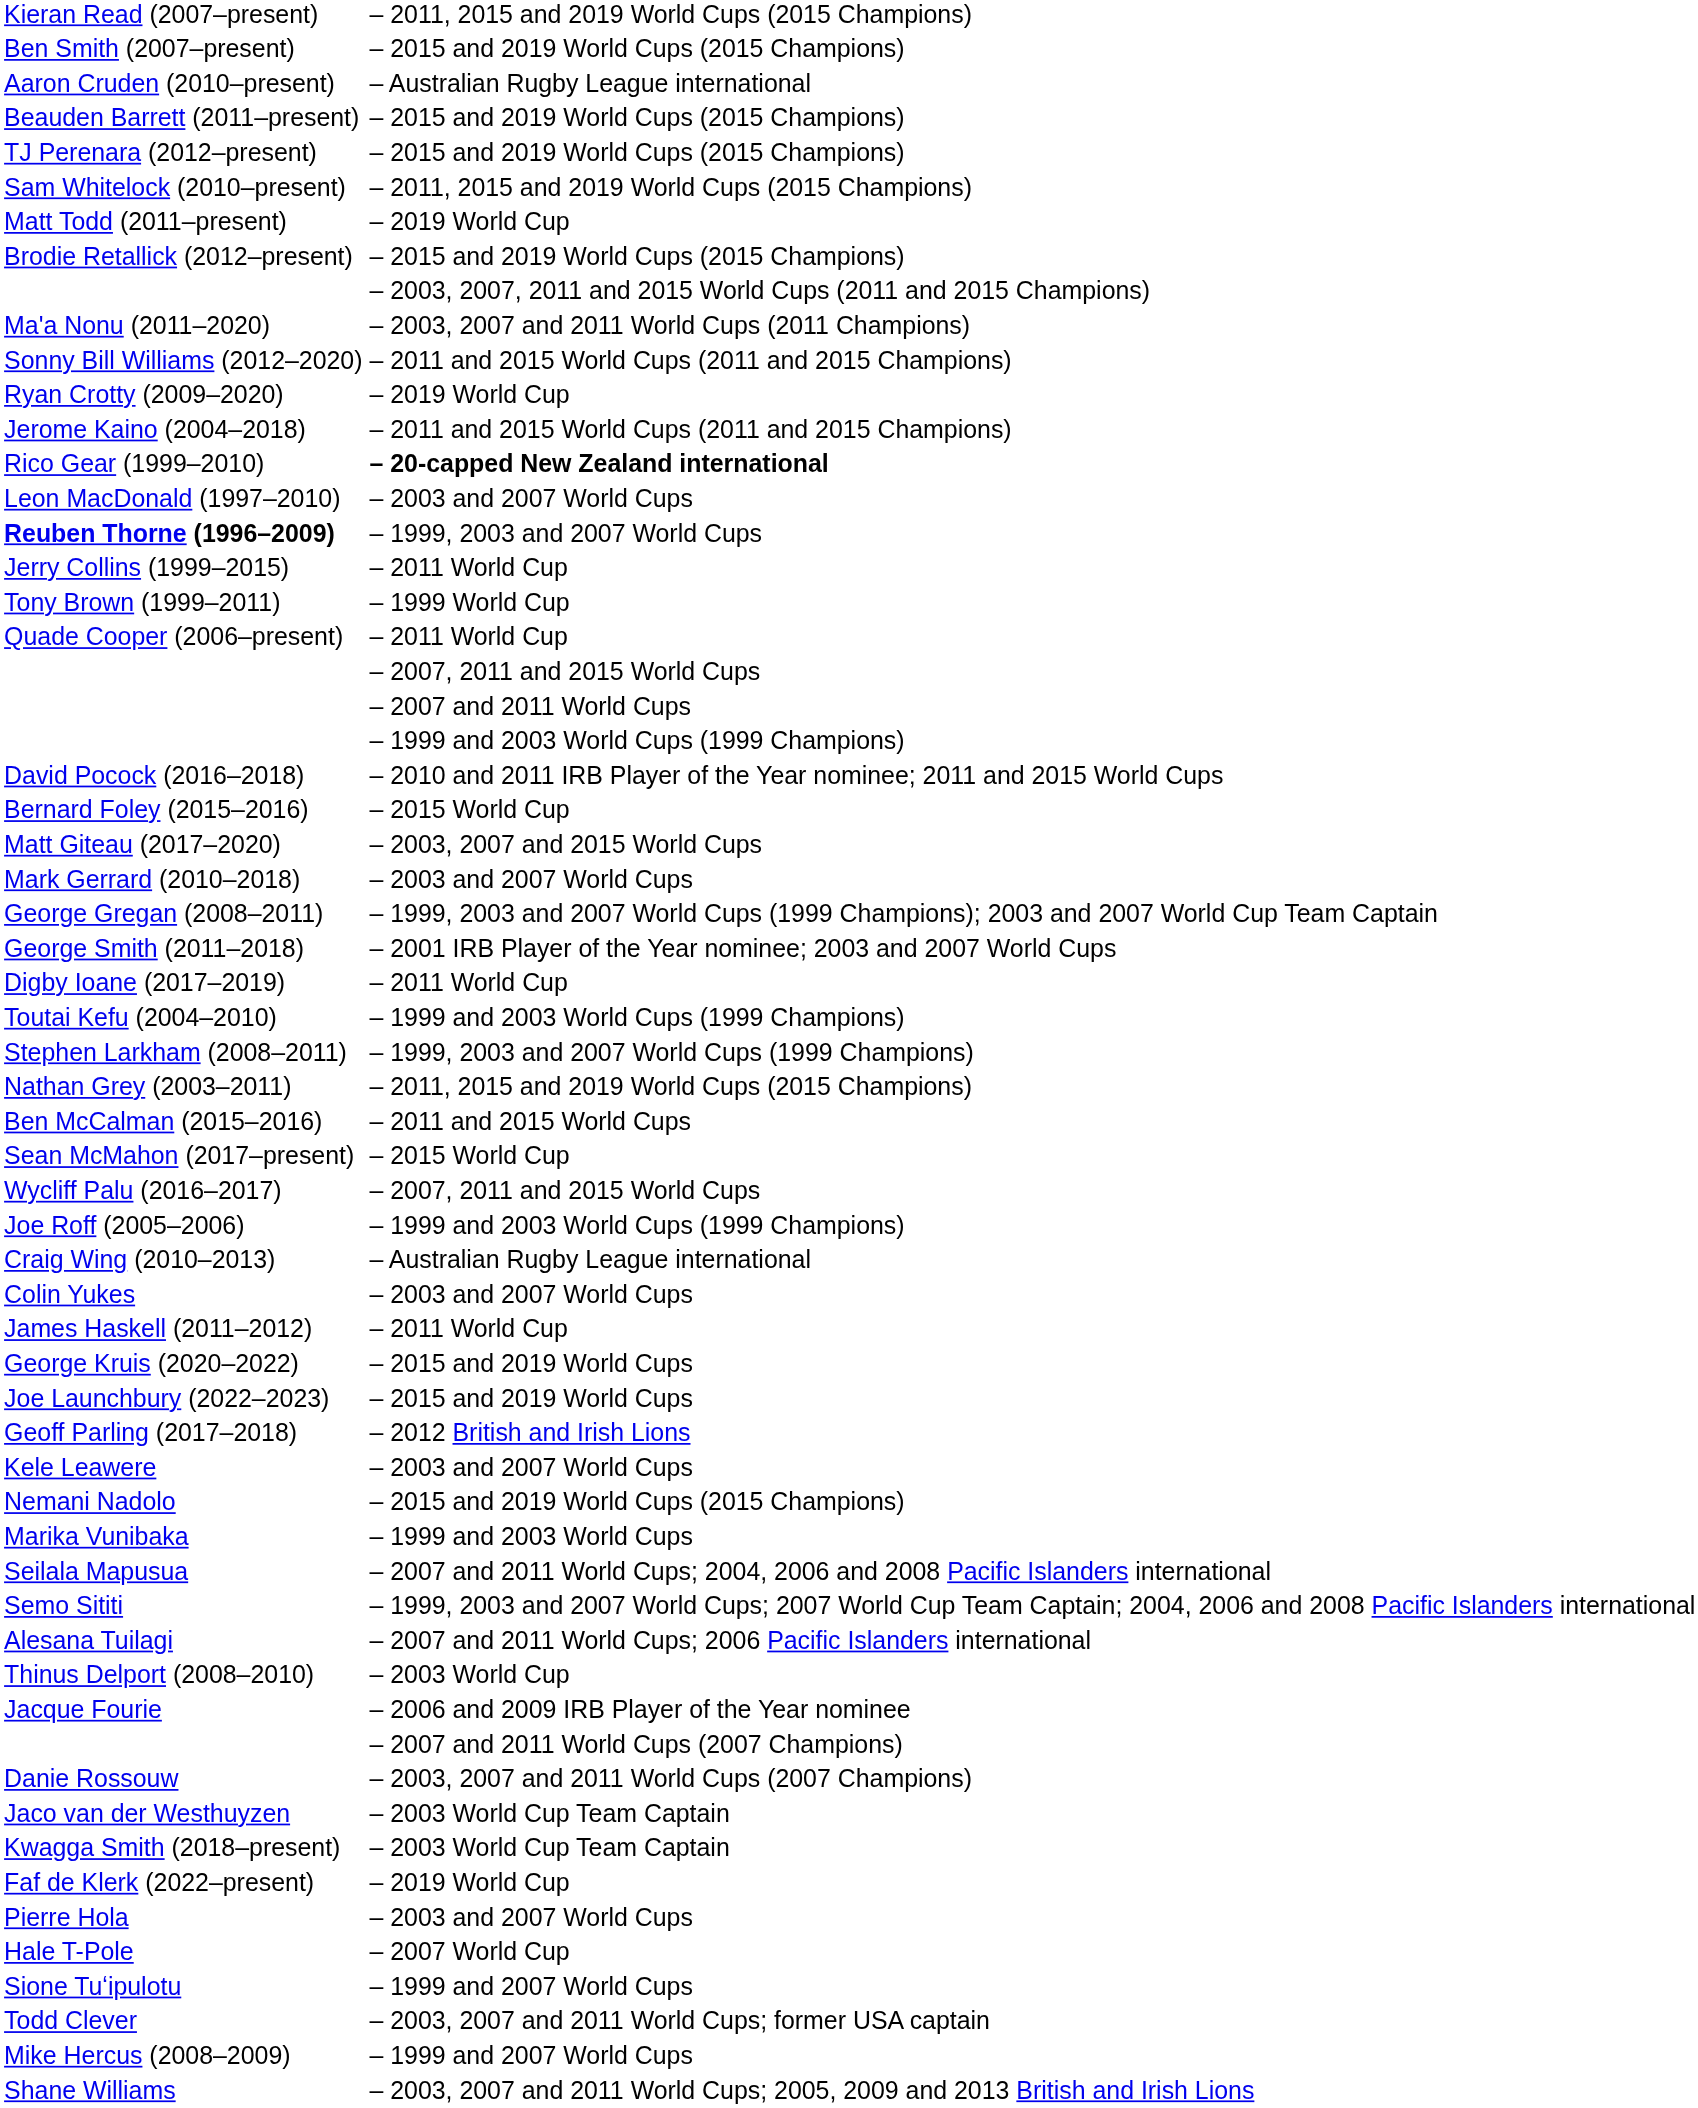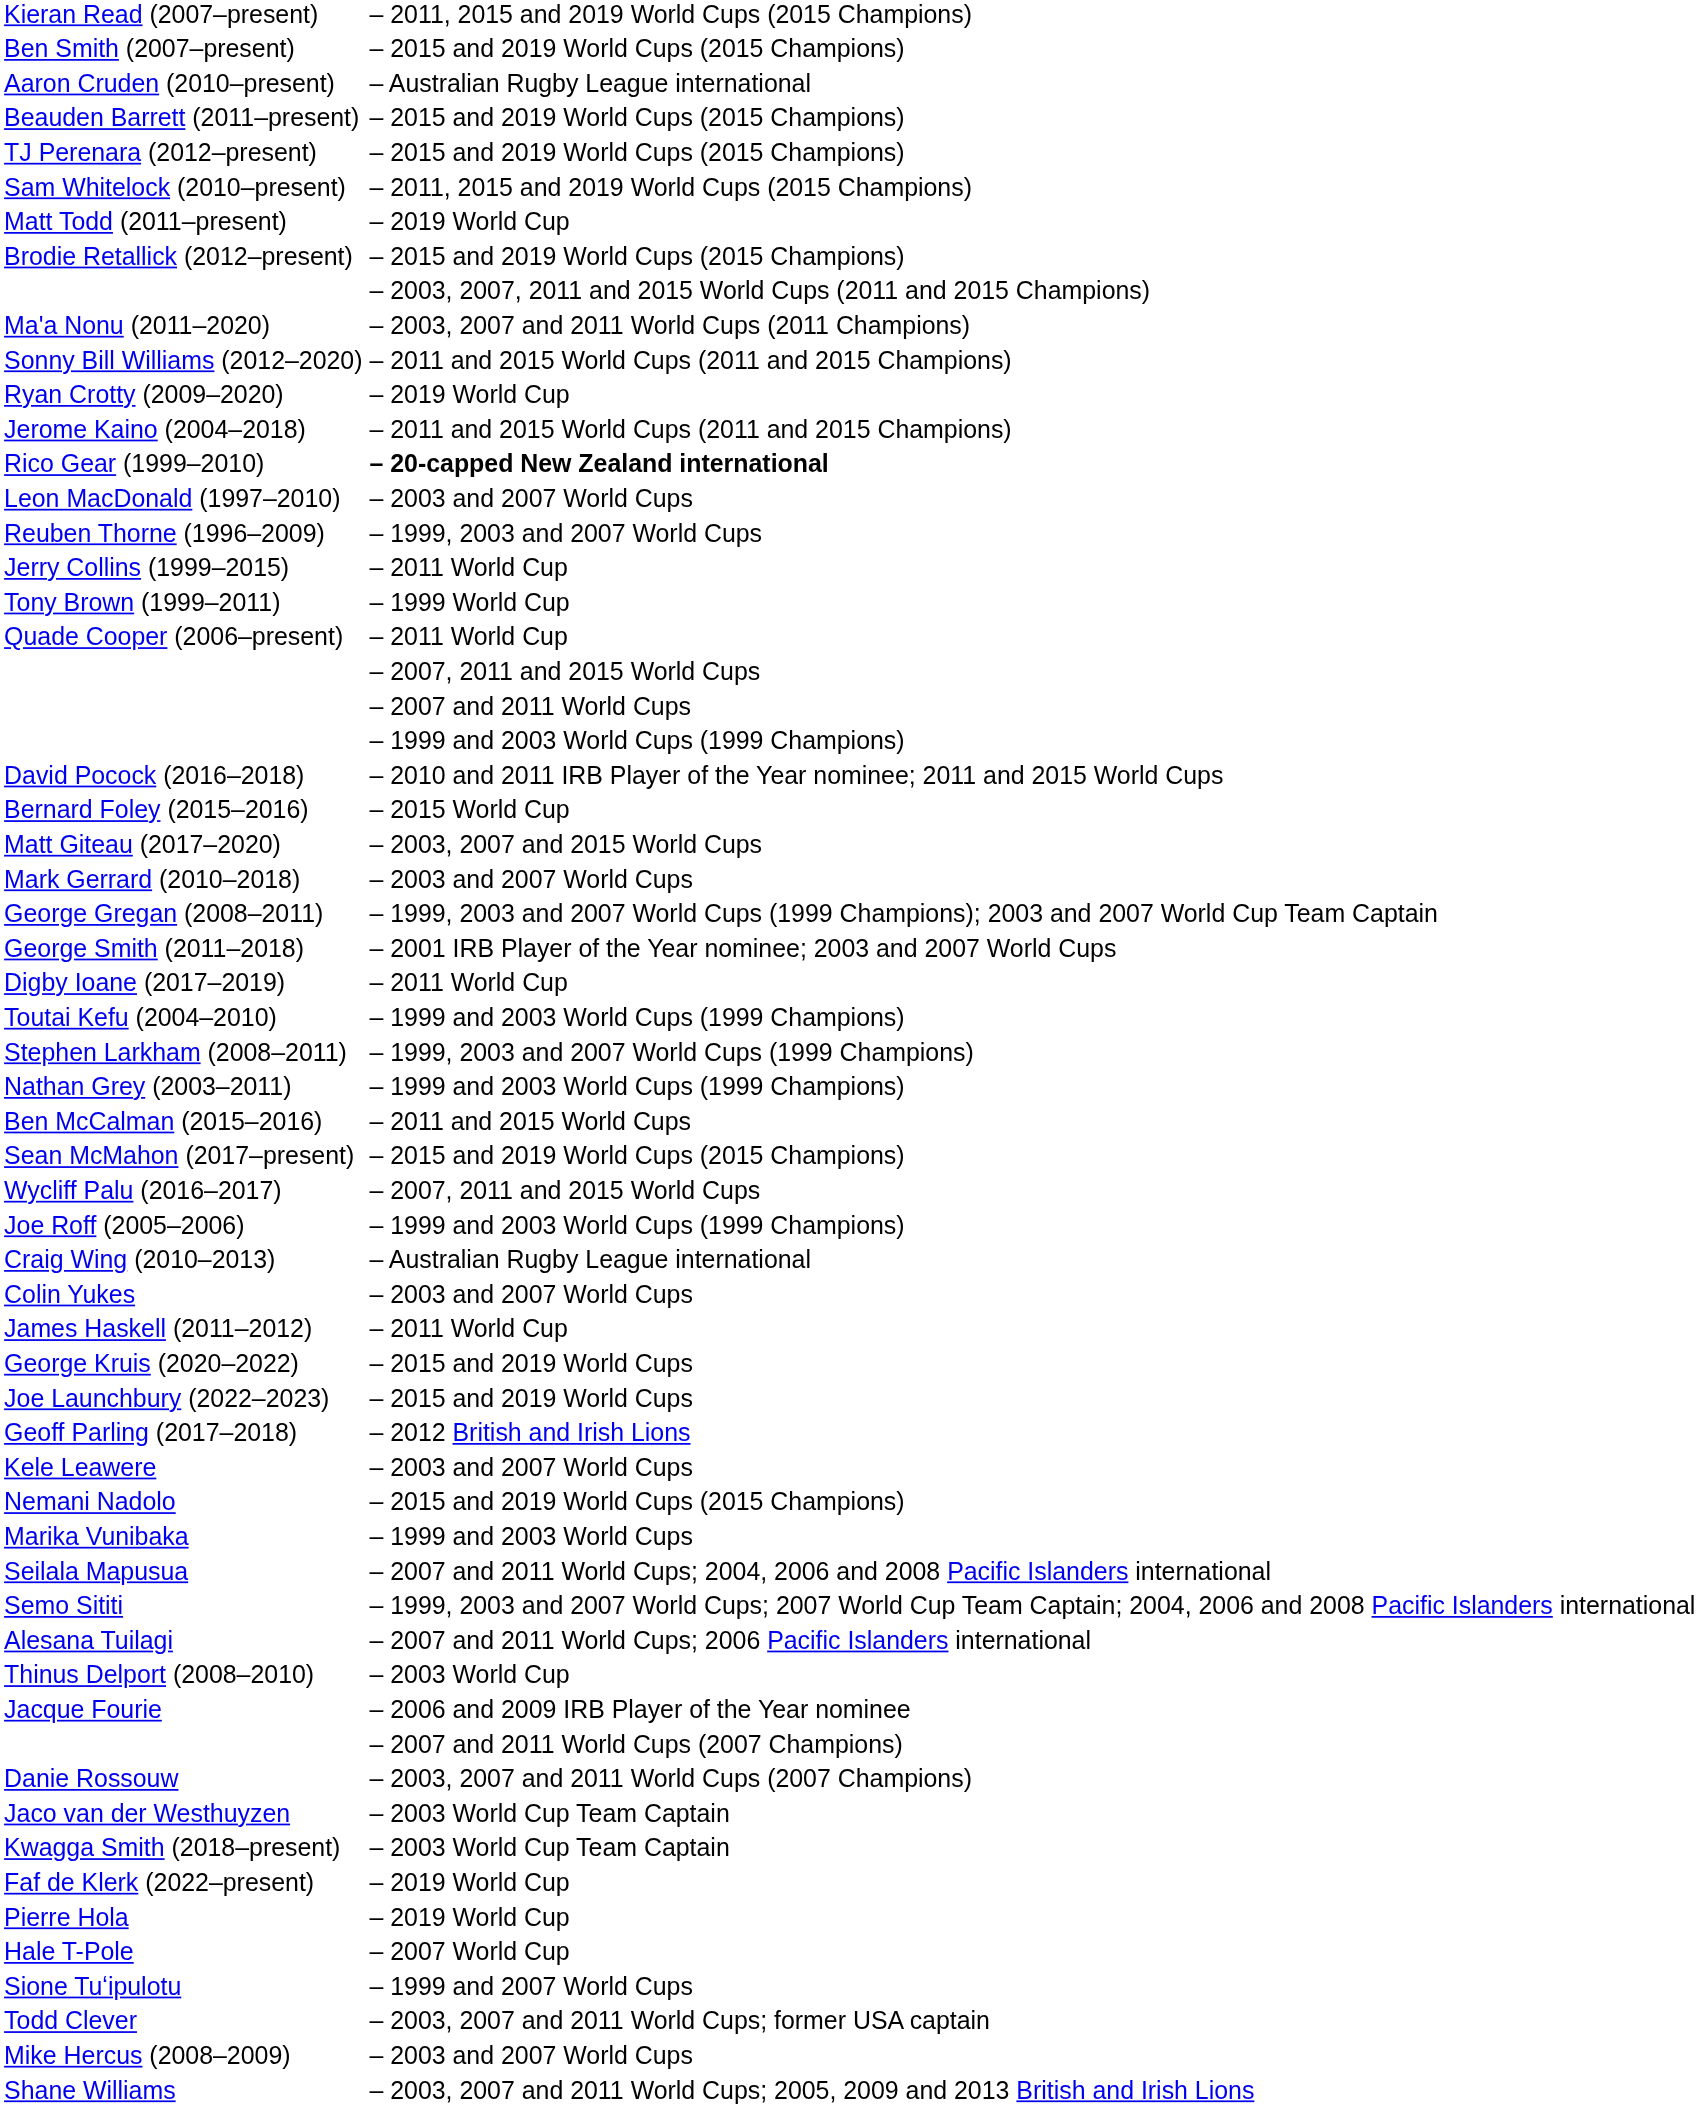 <table style="margin-left:1em; font-size:90%;">
 <tr>
 <td> <a href='#'>Kieran Read</a> (2007–present)</td>
 <td>– 2011, 2015 and 2019 World Cups (2015 Champions)</td>
 </tr>
 <tr>
 <td> <a href='#'>Ben Smith</a> (2007–present)</td>
 <td>– 2015 and 2019 World Cups (2015 Champions)</td>
 </tr>
 <tr>
 <td> <a href='#'>Aaron Cruden</a> (2010–present)</td>
 <td>– Australian Rugby League international</td>
 </tr>
 <tr>
 <td> <a href='#'>Beauden Barrett</a> (2011–present)</td>
 <td>– 2015 and 2019 World Cups (2015 Champions)</td>
 </tr>
 <tr>
 <td> <a href='#'>TJ Perenara</a> (2012–present)</td>
 <td>– 2015 and 2019 World Cups (2015 Champions)</td>
 </tr>
 <tr>
 <td> <a href='#'>Sam Whitelock</a> (2010–present)</td>
 <td>– 2011, 2015 and 2019 World Cups (2015 Champions)</td>
 </tr>
 <tr>
 <td> <a href='#'>Matt Todd</a> (2011–present)</td>
 <td>– 2019 World Cup</td>
 </tr>
 <tr>
 <td> <a href='#'>Brodie Retallick</a> (2012–present)</td>
 <td>– 2015 and 2019 World Cups (2015 Champions)</td>
 </tr>
 <tr>
 <td></td>
 <td>– 2003, 2007, 2011 and 2015 World Cups (2011 and 2015 Champions)</td>
 </tr>
 <tr>
 <td> <a href='#'>Ma'a Nonu</a> (2011–2020)</td>
 <td>– 2003, 2007 and 2011 World Cups (2011 Champions)</td>
 </tr>
 <tr>
 <td> <a href='#'>Sonny Bill Williams</a> (2012–2020)</td>
 <td>– 2011 and 2015 World Cups (2011 and 2015 Champions)</td>
 </tr>
 <tr>
 <td> <a href='#'>Ryan Crotty</a> (2009–2020)</td>
 <td>– 2019 World Cup</td>
 </tr>
 <tr>
 <td> <a href='#'>Jerome Kaino</a> (2004–2018)</td>
 <td>– 2011 and 2015 World Cups (2011 and 2015 Champions)</td>
 </tr>
 <tr>
 <td> <a href='#'>Rico Gear</a> (1999–2010)</td>
 <td><strong>– 20-capped New Zealand international</strong></td>
 </tr>
 <tr>
 <td> <a href='#'>Leon MacDonald</a> (1997–2010)</td>
 <td>– 2003 and 2007 World Cups</td>
 </tr>
 <tr>
-<td><strong> <a href='#'>Reuben Thorne</a> (1996–2009)</strong></td>
+<td> <a href='#'>Reuben Thorne</a> (1996–2009)</td>
 <td>– 1999, 2003 and 2007 World Cups</td>
 </tr>
 <tr>
 <td> <a href='#'>Jerry Collins</a> (1999–2015)</td>
 <td>– 2011 World Cup</td>
 </tr>
 <tr>
 <td> <a href='#'>Tony Brown</a> (1999–2011)</td>
 <td>– 1999 World Cup</td>
 </tr>
 <tr>
 <td {{nowrap> <a href='#'>Quade Cooper</a> (2006–present)</td>
 <td>–  2011 World Cup</td>
 </tr>
 <tr>
 <td></td>
 <td>– 2007, 2011 and 2015 World Cups</td>
 </tr>
 <tr>
 <td></td>
 <td>– 2007 and 2011 World Cups</td>
 </tr>
 <tr>
 <td></td>
 <td>– 1999 and 2003 World Cups (1999 Champions)</td>
 </tr>
 <tr>
 <td> <a href='#'>David Pocock</a> (2016–2018)</td>
 <td>– 2010 and 2011 IRB Player of the Year nominee; 2011 and 2015 World Cups</td>
 </tr>
 <tr>
 <td> <a href='#'>Bernard Foley</a> (2015–2016)</td>
 <td>– 2015 World Cup</td>
 </tr>
 <tr>
 <td> <a href='#'>Matt Giteau</a> (2017–2020)</td>
 <td>– 2003, 2007 and 2015 World Cups</td>
 </tr>
 <tr>
 <td> <a href='#'>Mark Gerrard</a> (2010–2018)</td>
 <td>– 2003 and 2007 World Cups</td>
 </tr>
 <tr>
 <td> <a href='#'>George Gregan</a> (2008–2011)</td>
 <td>– 1999, 2003 and 2007 World Cups (1999 Champions); 2003 and 2007 World Cup Team Captain</td>
 </tr>
 <tr>
 <td> <a href='#'>George Smith</a> (2011–2018)</td>
 <td>–  2001 IRB Player of the Year nominee; 2003 and 2007 World Cups</td>
 </tr>
 <tr>
 <td> <a href='#'>Digby Ioane</a> (2017–2019)</td>
 <td>– 2011 World Cup</td>
 </tr>
 <tr>
 <td> <a href='#'>Toutai Kefu</a> (2004–2010)</td>
 <td>– 1999 and 2003 World Cups (1999 Champions)</td>
 </tr>
 <tr>
 <td> <a href='#'>Stephen Larkham</a> (2008–2011)</td>
 <td>– 1999, 2003 and 2007 World Cups (1999 Champions)</td>
 </tr>
 <tr>
 <td> <a href='#'>Nathan Grey</a> (2003–2011)</td>
-<td>– 2011, 2015 and 2019 World Cups (2015 Champions)</td>
+<td>– 1999 and 2003 World Cups (1999 Champions)</td>
 </tr>
 <tr>
 <td> <a href='#'>Ben McCalman</a> (2015–2016)</td>
 <td>– 2011 and 2015 World Cups</td>
 </tr>
 <tr>
 <td> <a href='#'>Sean McMahon</a> (2017–present)</td>
-<td>– 2015 World Cup</td>
+<td>– 2015 and 2019 World Cups (2015 Champions)</td>
 </tr>
 <tr>
 <td> <a href='#'>Wycliff Palu</a> (2016–2017)</td>
 <td>– 2007, 2011 and 2015 World Cups</td>
 </tr>
 <tr>
 <td> <a href='#'>Joe Roff</a> (2005–2006)</td>
 <td>– 1999 and 2003 World Cups (1999 Champions)</td>
 </tr>
 <tr>
 <td> <a href='#'>Craig Wing</a> (2010–2013)</td>
 <td>– Australian Rugby League international</td>
 </tr>
 <tr>
 <td> <a href='#'>Colin Yukes</a></td>
 <td>– 2003 and 2007 World Cups</td>
 </tr>
 <tr>
 <td> <a href='#'>James Haskell</a> (2011–2012)</td>
 <td>– 2011 World Cup</td>
 </tr>
 <tr>
 <td> <a href='#'>George Kruis</a> (2020–2022)</td>
 <td>– 2015 and 2019 World Cups</td>
 </tr>
 <tr>
 <td> <a href='#'>Joe Launchbury</a> (2022–2023)</td>
 <td>– 2015 and 2019 World Cups</td>
 </tr>
 <tr>
 <td> <a href='#'>Geoff Parling</a> (2017–2018)</td>
 <td>– 2012 <a href='#'>British and Irish Lions</a></td>
 </tr>
 <tr>
 <td> <a href='#'>Kele Leawere</a></td>
 <td>– 2003 and 2007 World Cups</td>
 </tr>
 <tr>
 <td> <a href='#'>Nemani Nadolo</a></td>
 <td>– 2015 and 2019 World Cups (2015 Champions)</td>
 </tr>
 <tr>
 <td> <a href='#'>Marika Vunibaka</a></td>
 <td>– 1999 and 2003 World Cups</td>
 </tr>
 <tr>
 <td> <a href='#'>Seilala Mapusua</a></td>
 <td>– 2007 and 2011 World Cups; 2004, 2006 and 2008 <a href='#'>Pacific Islanders</a> international</td>
 </tr>
 <tr>
 <td> <a href='#'>Semo Sititi</a></td>
 <td>– 1999, 2003 and 2007 World Cups; 2007 World Cup Team Captain; 2004, 2006 and 2008 <a href='#'>Pacific Islanders</a> international</td>
 </tr>
 <tr>
 <td> <a href='#'>Alesana Tuilagi</a></td>
 <td>– 2007 and 2011 World Cups; 2006 <a href='#'>Pacific Islanders</a> international</td>
 </tr>
 <tr>
 <td> <a href='#'>Thinus Delport</a> (2008–2010)</td>
 <td>– 2003 World Cup</td>
 </tr>
 <tr>
 <td> <a href='#'>Jacque Fourie</a></td>
 <td>– 2006 and 2009 IRB Player of the Year nominee</td>
 </tr>
 <tr>
 <td></td>
 <td>– 2007 and 2011 World Cups (2007 Champions)</td>
 </tr>
 <tr>
 <td> <a href='#'>Danie Rossouw</a></td>
 <td>– 2003, 2007 and 2011 World Cups (2007 Champions)</td>
 </tr>
 <tr>
 <td> <a href='#'>Jaco van der Westhuyzen</a></td>
 <td>– 2003 World Cup Team Captain</td>
 </tr>
 <tr>
 <td> <a href='#'>Kwagga Smith</a> (2018–present)</td>
 <td>– 2003 World Cup Team Captain</td>
 </tr>
 <tr>
 <td> <a href='#'>Faf de Klerk</a> (2022–present)</td>
 <td>– 2019 World Cup</td>
 </tr>
 <tr>
 <td> <a href='#'>Pierre Hola</a></td>
-<td>– 2003 and 2007 World Cups</td>
+<td>– 2019 World Cup</td>
 </tr>
 <tr>
 <td> <a href='#'>Hale T-Pole</a></td>
 <td>– 2007 World Cup</td>
 </tr>
 <tr>
 <td> <a href='#'>Sione Tuʻipulotu</a></td>
 <td>– 1999 and 2007 World Cups</td>
 </tr>
 <tr>
 <td> <a href='#'>Todd Clever</a></td>
 <td>– 2003, 2007 and 2011 World Cups; former USA captain</td>
 </tr>
 <tr>
 <td> <a href='#'>Mike Hercus</a> (2008–2009)</td>
-<td>– 1999 and 2007 World Cups</td>
+<td>– 2003 and 2007 World Cups</td>
 </tr>
 <tr>
 <td> <a href='#'>Shane Williams</a></td>
 <td>– 2003, 2007 and 2011 World Cups; 2005, 2009 and 2013 <a href='#'>British and Irish Lions</a></td>
 </tr>
 </table>
